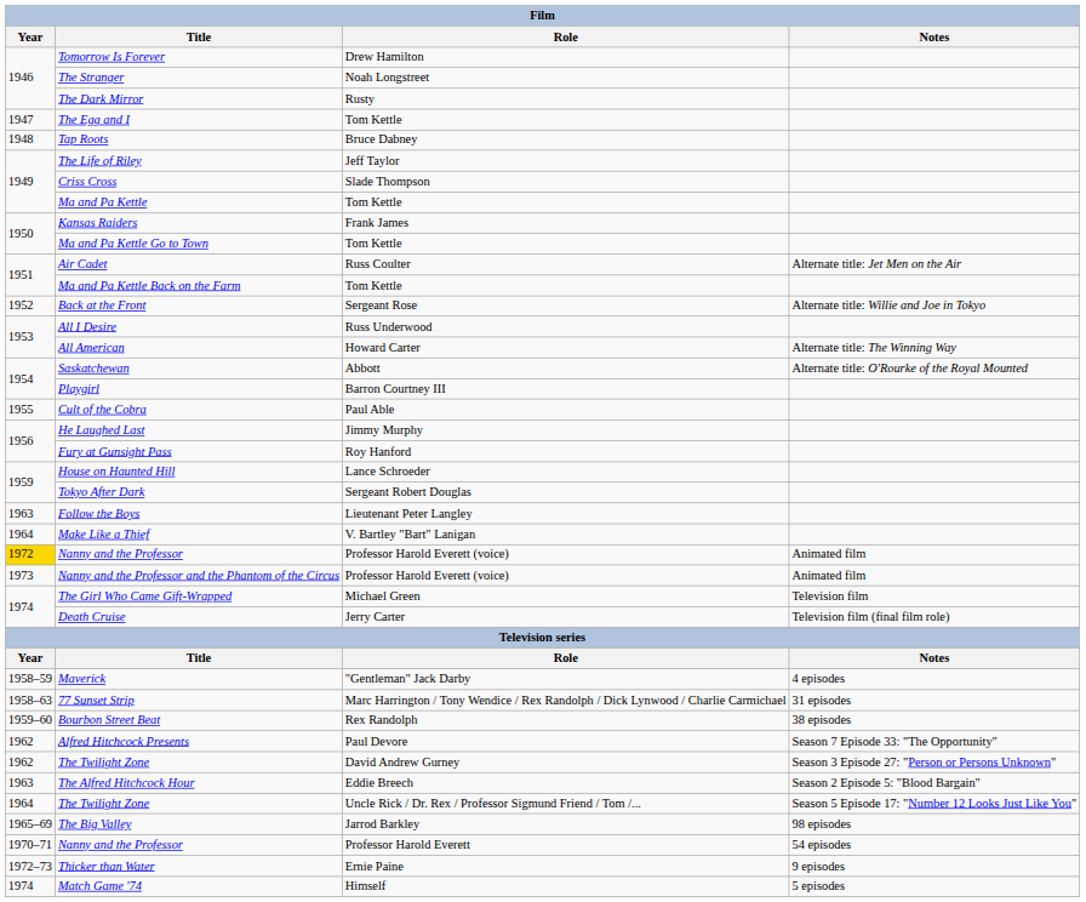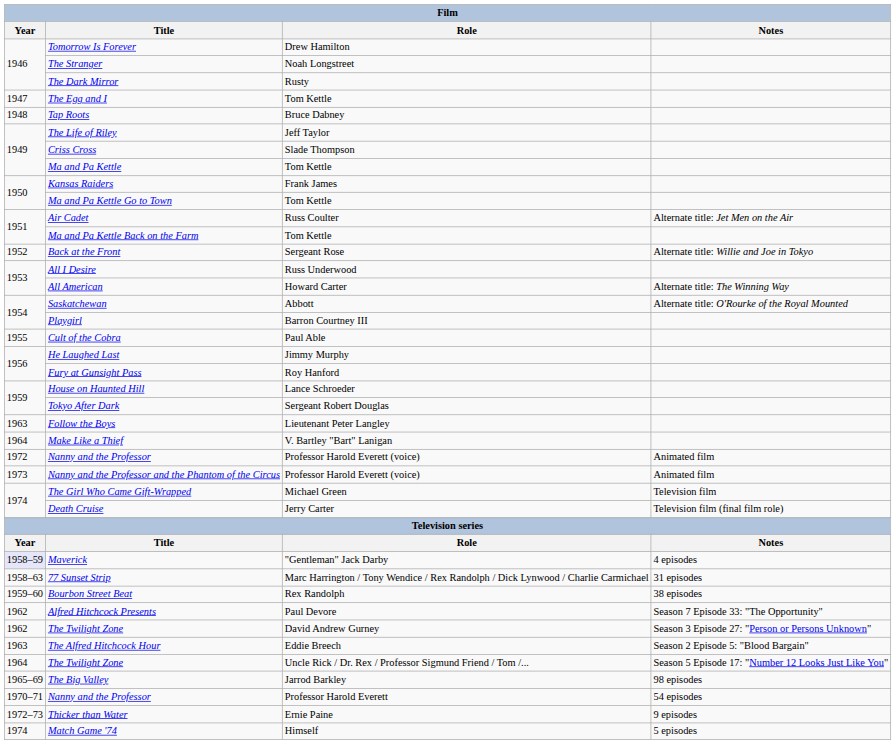 <table class="wikitable" style="font-size: 90%;">
 <tr>
 <th colspan="4" style="background: LightSteelBlue;">Film</th>
 </tr>
 <tr>
 <th>Year</th>
 <th>Title</th>
 <th>Role</th>
 <th>Notes</th>
 </tr>
 <tr>
 <td rowspan=3>1946</td>
 <td><em><a href='#'>Tomorrow Is Forever</a></em></td>
 <td>Drew Hamilton</td>
 <td></td>
 </tr>
 <tr>
 <td><em><a href='#'>The Stranger</a></em></td>
 <td>Noah Longstreet</td>
 <td></td>
 </tr>
 <tr>
 <td><em><a href='#'>The Dark Mirror</a></em></td>
 <td>Rusty</td>
 <td></td>
 </tr>
 <tr>
 <td>1947</td>
 <td><em><a href='#'>The Egg and I</a></em></td>
 <td>Tom Kettle</td>
 <td></td>
 </tr>
 <tr>
 <td>1948</td>
 <td><em><a href='#'>Tap Roots</a></em></td>
 <td>Bruce Dabney</td>
 <td></td>
 </tr>
 <tr>
 <td rowspan=3>1949</td>
 <td><em><a href='#'>The Life of Riley</a></em></td>
 <td>Jeff Taylor</td>
 <td></td>
 </tr>
 <tr>
 <td><em><a href='#'>Criss Cross</a></em></td>
 <td>Slade Thompson</td>
 <td></td>
 </tr>
 <tr>
 <td><em><a href='#'>Ma and Pa Kettle</a></em></td>
 <td>Tom Kettle</td>
 <td></td>
 </tr>
 <tr>
 <td rowspan=2>1950</td>
 <td><em><a href='#'>Kansas Raiders</a></em></td>
 <td>Frank James</td>
 <td></td>
 </tr>
 <tr>
 <td><em><a href='#'>Ma and Pa Kettle Go to Town</a></em></td>
 <td>Tom Kettle</td>
 <td></td>
 </tr>
 <tr>
 <td rowspan=2>1951</td>
 <td><em><a href='#'>Air Cadet</a></em></td>
 <td>Russ Coulter</td>
 <td>Alternate title: <em>Jet Men on the Air</em></td>
 </tr>
 <tr>
 <td><em><a href='#'>Ma and Pa Kettle Back on the Farm</a></em></td>
 <td>Tom Kettle</td>
 <td></td>
 </tr>
 <tr>
 <td>1952</td>
 <td><em><a href='#'>Back at the Front</a></em></td>
 <td>Sergeant Rose</td>
 <td>Alternate title: <em>Willie and Joe in Tokyo</em></td>
 </tr>
 <tr>
 <td rowspan=2>1953</td>
 <td><em><a href='#'>All I Desire</a></em></td>
 <td>Russ Underwood</td>
 <td></td>
 </tr>
 <tr>
 <td><em><a href='#'>All American</a></em></td>
 <td>Howard Carter</td>
 <td>Alternate title: <em>The Winning Way</em></td>
 </tr>
 <tr>
 <td rowspan=2>1954</td>
 <td><em><a href='#'>Saskatchewan</a></em></td>
 <td>Abbott</td>
 <td>Alternate title: <em>O'Rourke of the Royal Mounted</em></td>
 </tr>
 <tr>
 <td><em><a href='#'>Playgirl</a></em></td>
 <td>Barron Courtney III</td>
 <td></td>
 </tr>
 <tr>
 <td>1955</td>
 <td><em><a href='#'>Cult of the Cobra</a></em></td>
 <td>Paul Able</td>
 <td></td>
 </tr>
 <tr>
 <td rowspan=2>1956</td>
 <td><em><a href='#'>He Laughed Last</a></em></td>
 <td>Jimmy Murphy</td>
 <td></td>
 </tr>
 <tr>
 <td><em><a href='#'>Fury at Gunsight Pass</a></em></td>
 <td>Roy Hanford</td>
 <td></td>
 </tr>
 <tr>
 <td rowspan=2>1959</td>
 <td><em><a href='#'>House on Haunted Hill</a></em></td>
 <td>Lance Schroeder</td>
 <td></td>
 </tr>
 <tr>
 <td><em><a href='#'>Tokyo After Dark</a></em></td>
 <td>Sergeant Robert Douglas</td>
 <td></td>
 </tr>
 <tr>
 <td>1963</td>
 <td><em><a href='#'>Follow the Boys</a></em></td>
 <td>Lieutenant Peter Langley</td>
 <td></td>
 </tr>
 <tr>
 <td>1964</td>
 <td><em><a href='#'>Make Like a Thief</a></em></td>
 <td>V. Bartley "Bart" Lanigan</td>
 <td></td>
 </tr>
 <tr>
-<td style="background: gold;">1972</td>
+<td>1972</td>
 <td><em><a href='#'>Nanny and the Professor</a></em></td>
 <td>Professor Harold Everett (voice)</td>
 <td>Animated film</td>
 </tr>
 <tr>
 <td>1973</td>
 <td><em><a href='#'>Nanny and the Professor and the Phantom of the Circus</a></em></td>
 <td>Professor Harold Everett (voice)</td>
 <td>Animated film</td>
 </tr>
 <tr>
 <td rowspan=2>1974</td>
 <td><em><a href='#'>The Girl Who Came Gift-Wrapped</a></em></td>
 <td>Michael Green</td>
 <td>Television film</td>
 </tr>
 <tr>
 <td><em><a href='#'>Death Cruise</a></em></td>
 <td>Jerry Carter</td>
 <td>Television film (final film role)</td>
 </tr>
 <tr>
 <th colspan="4" style="background: LightSteelBlue;">Television series</th>
 </tr>
 <tr>
 <th>Year</th>
 <th>Title</th>
 <th>Role</th>
 <th>Notes</th>
 </tr>
 <tr>
-<td>1958–59</td>
+<td style="background: lavender;">1958–59</td>
 <td><em><a href='#'>Maverick</a></em></td>
 <td>"Gentleman" Jack Darby</td>
 <td>4 episodes</td>
 </tr>
 <tr>
 <td>1958–63</td>
 <td><em><a href='#'>77 Sunset Strip</a></em></td>
 <td>Marc Harrington / Tony Wendice / Rex Randolph / Dick Lynwood / Charlie Carmichael</td>
 <td>31 episodes</td>
 </tr>
 <tr>
 <td>1959–60</td>
 <td><em><a href='#'>Bourbon Street Beat</a></em></td>
 <td>Rex Randolph</td>
 <td>38 episodes</td>
 </tr>
 <tr>
 <td>1962</td>
 <td><em><a href='#'>Alfred Hitchcock Presents</a></em></td>
 <td>Paul Devore</td>
 <td>Season 7 Episode 33: "The Opportunity"</td>
 </tr>
 <tr>
 <td>1962</td>
 <td><em><a href='#'>The Twilight Zone</a></em></td>
 <td>David Andrew Gurney</td>
 <td>Season 3 Episode 27: "<a href='#'>Person or Persons Unknown</a>"</td>
 </tr>
 <tr>
 <td>1963</td>
 <td><em><a href='#'>The Alfred Hitchcock Hour</a></em></td>
 <td>Eddie Breech</td>
 <td>Season 2 Episode 5: "Blood Bargain"</td>
 </tr>
 <tr>
 <td>1964</td>
 <td><em><a href='#'>The Twilight Zone</a></em></td>
 <td>Uncle Rick / Dr. Rex / Professor Sigmund Friend / Tom /...</td>
 <td>Season 5 Episode 17: "<a href='#'>Number 12 Looks Just Like You</a>"</td>
 </tr>
 <tr>
 <td>1965–69</td>
 <td><em><a href='#'>The Big Valley</a></em></td>
 <td>Jarrod Barkley</td>
 <td>98 episodes</td>
 </tr>
 <tr>
 <td>1970–71</td>
 <td><em><a href='#'>Nanny and the Professor</a></em></td>
 <td>Professor Harold Everett</td>
 <td>54 episodes</td>
 </tr>
 <tr>
 <td>1972–73</td>
 <td><em><a href='#'>Thicker than Water</a></em></td>
 <td>Ernie Paine</td>
 <td>9 episodes</td>
 </tr>
 <tr>
 <td>1974</td>
 <td><em><a href='#'>Match Game '74</a></em></td>
 <td>Himself</td>
 <td>5 episodes</td>
 </tr>
 </table>
